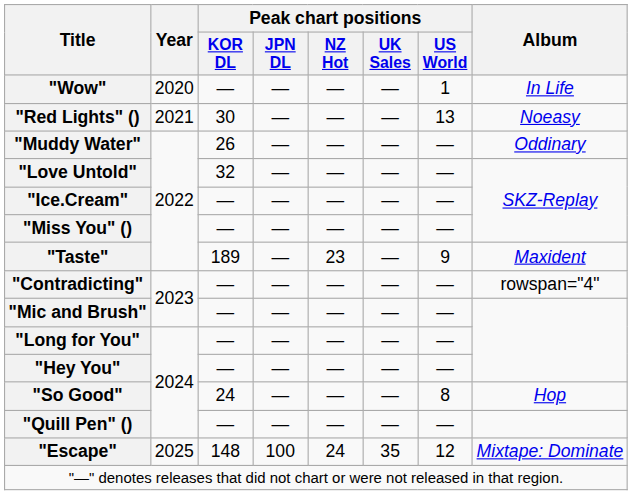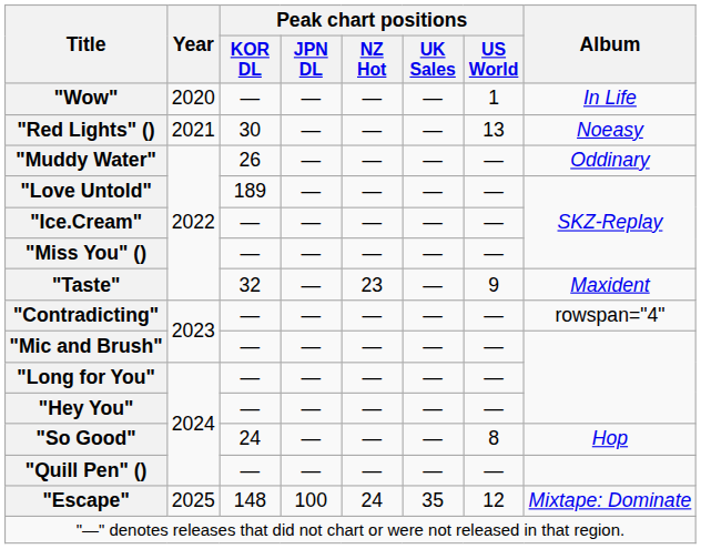 <table class="wikitable plainrowheaders" style="text-align:center">
 <tr>
 <th scope="col" rowspan="2">Title</th>
 <th scope="col" rowspan="2">Year</th>
 <th scope="col" colspan="5">Peak chart positions</th>
 <th scope="col" rowspan="2">Album</th>
 </tr>
 <tr>
 <th scope="col" style="font-size:90%; width:3em"><a href='#'>KOR<br>DL</a><br></th>
 <th scope="col" style="font-size:90%; width:3em"><a href='#'>JPN<br>DL</a><br></th>
 <th scope="col" style="font-size:90%; width:3em"><a href='#'>NZ<br>Hot</a><br></th>
 <th scope="col" style="font-size:90%; width:3em"><a href='#'>UK<br>Sales</a><br></th>
 <th scope="col" style="font-size:90%; width:3em"><a href='#'>US<br>World</a><br></th>
 </tr>
 <tr>
 <th scope="row">"Wow" <br></th>
 <td>2020</td>
 <td>—</td>
 <td>—</td>
 <td>—</td>
 <td>—</td>
 <td>1</td>
 <td><em><a href='#'>In Life</a></em></td>
 </tr>
 <tr>
 <th scope="row">"Red Lights" () <br></th>
 <td>2021</td>
 <td>30</td>
 <td>—</td>
 <td>—</td>
 <td>—</td>
 <td>13</td>
 <td><em><a href='#'>Noeasy</a></em></td>
 </tr>
 <tr>
 <th scope="row">"Muddy Water"<br></th>
 <td rowspan="5">2022</td>
 <td>26</td>
 <td>—</td>
 <td>—</td>
 <td>—</td>
 <td>—</td>
 <td><em><a href='#'>Oddinary</a></em></td>
 </tr>
 <tr>
 <th scope="row">"Love Untold"</th>
-<td>32</td>
+<td>189</td>
 <td>—</td>
 <td>—</td>
 <td>—</td>
 <td>—</td>
 <td rowspan="3"><em><a href='#'>SKZ-Replay</a></em></td>
 </tr>
 <tr>
 <th scope="row">"Ice.Cream"</th>
 <td>—</td>
 <td>—</td>
 <td>—</td>
 <td>—</td>
 <td>—</td>
 </tr>
 <tr>
 <th scope="row">"Miss You" ()</th>
 <td>—</td>
 <td>—</td>
 <td>—</td>
 <td>—</td>
 <td>—</td>
 </tr>
 <tr>
 <th scope="row">"Taste"<br></th>
-<td>189</td>
+<td>32</td>
 <td>—</td>
 <td>23</td>
 <td>—</td>
 <td>9</td>
 <td><em><a href='#'>Maxident</a></em></td>
 </tr>
 <tr>
 <th scope="row">"Contradicting"</th>
 <td rowspan="2">2023</td>
 <td>—</td>
 <td>—</td>
 <td>—</td>
 <td>—</td>
 <td>—</td>
 <td>rowspan="4" </td>
 </tr>
 <tr>
 <th scope="row">"Mic and Brush"</th>
 <td>—</td>
 <td>—</td>
 <td>—</td>
 <td>—</td>
 <td>—</td>
 </tr>
 <tr>
 <th scope="row">"Long for You"</th>
 <td rowspan="4">2024</td>
 <td>—</td>
 <td>—</td>
 <td>—</td>
 <td>—</td>
 <td>—</td>
 </tr>
 <tr>
 <th scope="row">"Hey You"</th>
 <td>—</td>
 <td>—</td>
 <td>—</td>
 <td>—</td>
 <td>—</td>
 </tr>
 <tr>
 <th scope="row">"So Good"</th>
 <td>24</td>
 <td>—</td>
 <td>—</td>
 <td>—</td>
 <td>8</td>
 <td><em><a href='#'>Hop</a></em></td>
 </tr>
 <tr>
 <th scope="row">"Quill Pen" ()</th>
 <td>—</td>
 <td>—</td>
 <td>—</td>
 <td>—</td>
 <td>—</td>
 <td></td>
 </tr>
 <tr>
 <th scope="row">"Escape"<br></th>
 <td>2025</td>
 <td>148</td>
 <td>100</td>
 <td>24</td>
 <td>35</td>
 <td>12</td>
 <td><em><a href='#'>Mixtape: Dominate</a></em></td>
 </tr>
 <tr>
 <td colspan="8" style="font-size:85%">"—" denotes releases that did not chart or were not released in that region.</td>
 </tr>
 </table>
